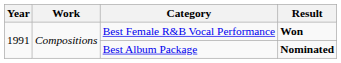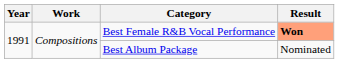 <table class="wikitable">
 <tr>
 <th>Year</th>
 <th>Work</th>
 <th>Category</th>
 <th>Result</th>
 </tr>
 <tr>
 <td rowspan="2">1991</td>
 <td rowspan="2"><em>Compositions</em></td>
 <td><a href='#'>Best Female R&B Vocal Performance</a></td>
-<td><strong>Won</strong></td>
+<td style="background: lightsalmon;"><strong>Won</strong></td>
 </tr>
 <tr>
 <td><a href='#'>Best Album Package</a></td>
-<td><strong>Nominated</strong></td>
+<td>Nominated</td>
 </tr>
 </table>
